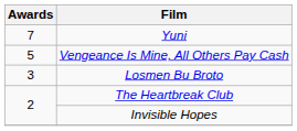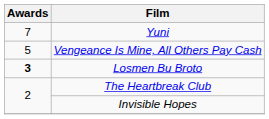 <table class="wikitable plainrowheaders" style="text-align:center;">
 <tr>
 <th scope="col" style="width:55px;">Awards</th>
 <th scope="col" style="text-align:center;">Film</th>
 </tr>
 <tr>
 <td>7</td>
 <td><em><a href='#'>Yuni</a></em></td>
 </tr>
 <tr>
 <td>5</td>
 <td><em><a href='#'>Vengeance Is Mine, All Others Pay Cash</a></em></td>
 </tr>
 <tr>
-<td>3</td>
+<td><strong>3</strong></td>
 <td><em><a href='#'>Losmen Bu Broto</a></em></td>
 </tr>
 <tr>
 <td rowspan="2">2</td>
 <td><em><a href='#'>The Heartbreak Club</a></em></td>
 </tr>
 <tr>
 <td><em>Invisible Hopes</em></td>
 </tr>
 <tr>
 </tr>
 </table>
